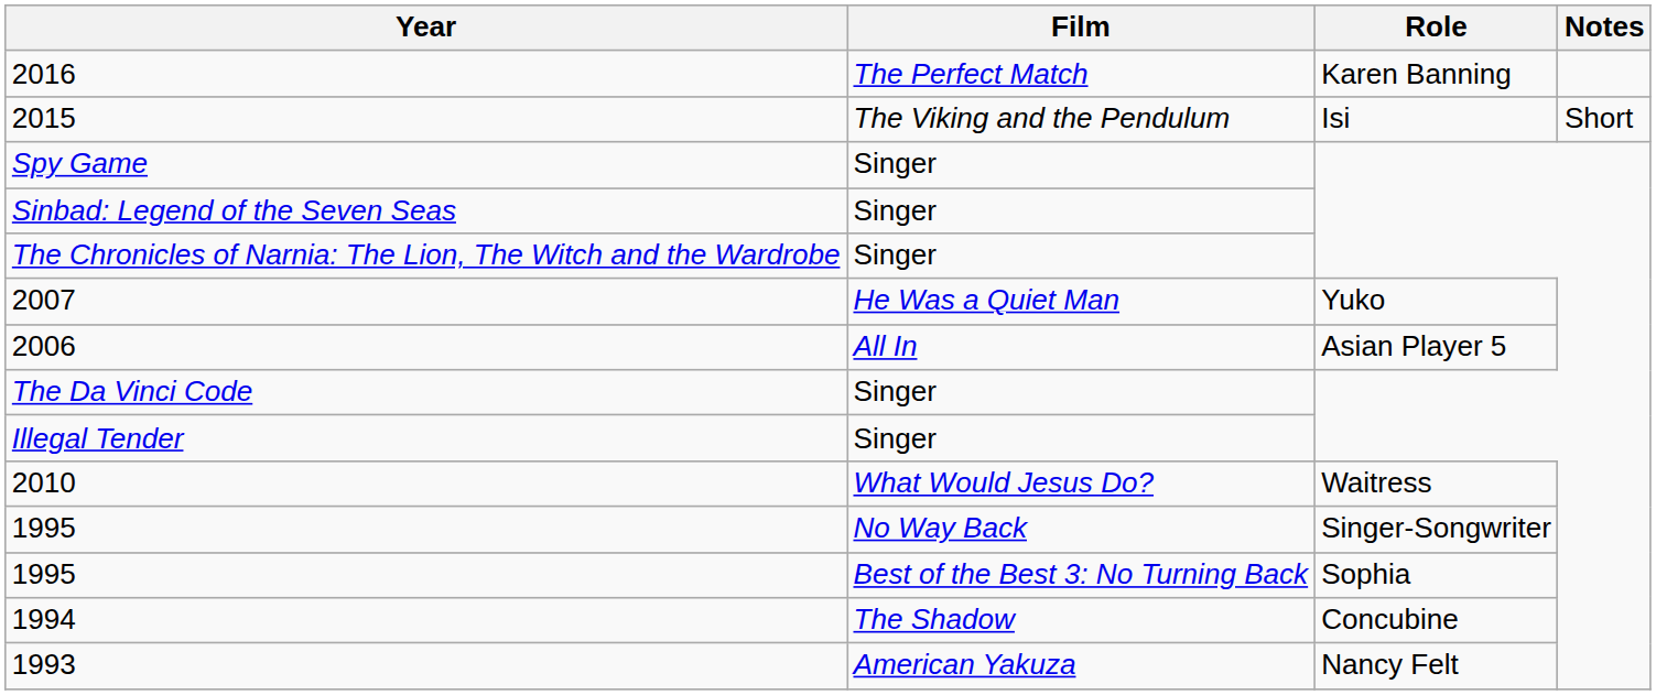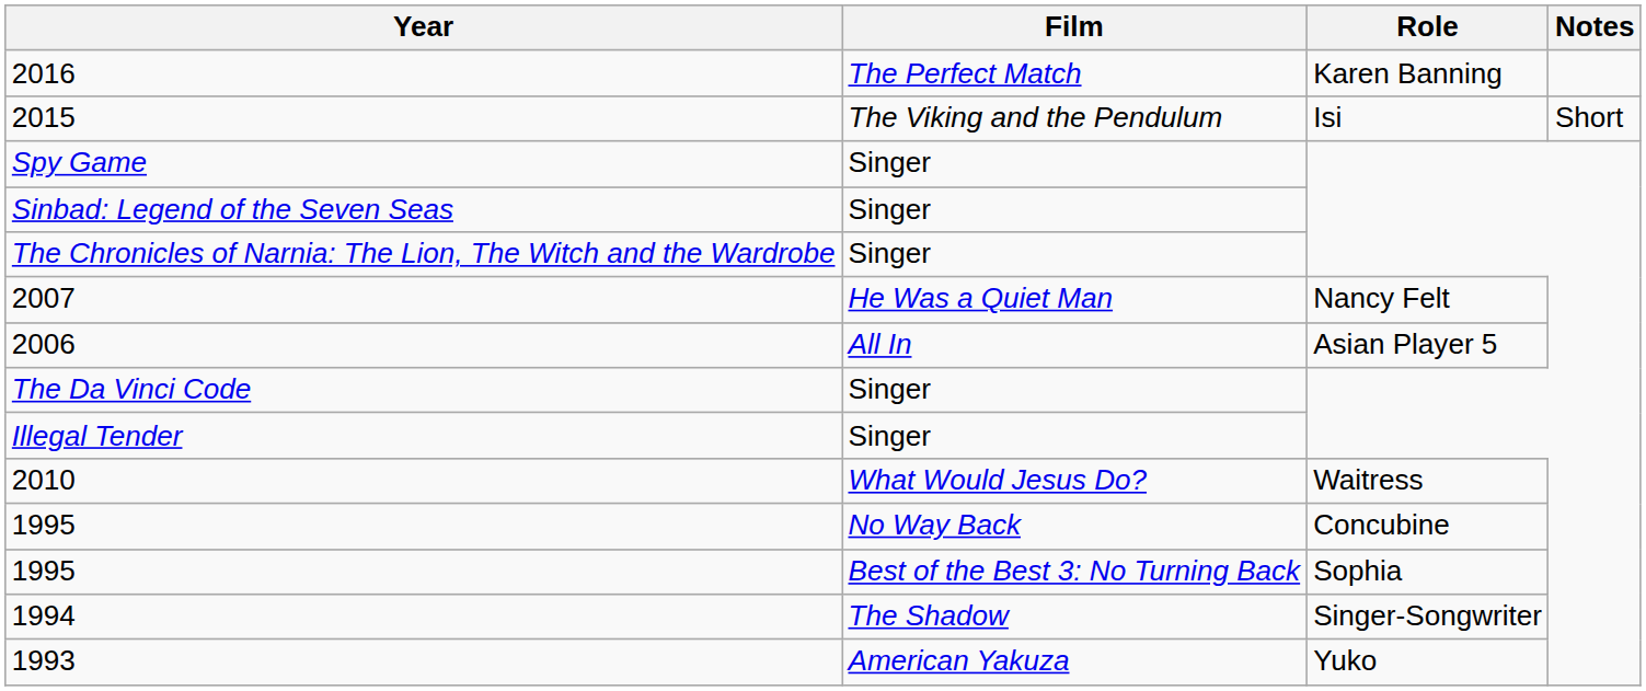 <table class="wikitable">
 <tr>
 <th>Year</th>
 <th>Film</th>
 <th>Role</th>
 <th>Notes</th>
 </tr>
 <tr>
 <td>2016</td>
 <td><em><a href='#'>The Perfect Match</a></em></td>
 <td>Karen Banning</td>
 <td></td>
 </tr>
 <tr>
 <td>2015</td>
 <td><em>The Viking and the Pendulum</em></td>
 <td>Isi</td>
 <td>Short</td>
 </tr>
 <tr>
 <td><em><a href='#'>Spy Game</a></em></td>
 <td>Singer</td>
 </tr>
 <tr>
 <td><em><a href='#'>Sinbad: Legend of the Seven Seas</a></em></td>
 <td>Singer</td>
 </tr>
 <tr>
 <td><em><a href='#'>The Chronicles of Narnia: The Lion, The Witch and the Wardrobe</a></em></td>
 <td>Singer</td>
 </tr>
 <tr>
 <td>2007</td>
 <td><em><a href='#'>He Was a Quiet Man</a></em></td>
-<td>Yuko</td>
+<td>Nancy Felt</td>
 </tr>
 <tr>
 <td>2006</td>
 <td><em><a href='#'>All In</a></em></td>
 <td>Asian Player 5</td>
 </tr>
 <tr>
 <td><em><a href='#'>The Da Vinci Code</a></em></td>
 <td>Singer</td>
 </tr>
 <tr>
 <td><em><a href='#'>Illegal Tender</a></em></td>
 <td>Singer</td>
 </tr>
 <tr>
 <td>2010</td>
 <td><em><a href='#'>What Would Jesus Do?</a></em></td>
 <td>Waitress</td>
 </tr>
 <tr>
 <td>1995</td>
 <td><em><a href='#'>No Way Back</a></em></td>
-<td>Singer-Songwriter</td>
+<td>Concubine</td>
 </tr>
 <tr>
 <td>1995</td>
 <td><em><a href='#'>Best of the Best 3: No Turning Back</a></em></td>
 <td>Sophia</td>
 </tr>
 <tr>
 <td>1994</td>
 <td><em><a href='#'>The Shadow</a></em></td>
-<td>Concubine</td>
+<td>Singer-Songwriter</td>
 </tr>
 <tr>
 <td>1993</td>
 <td><em><a href='#'>American Yakuza</a></em></td>
-<td>Nancy Felt</td>
+<td>Yuko</td>
 </tr>
 </table>
